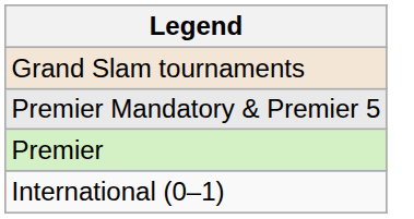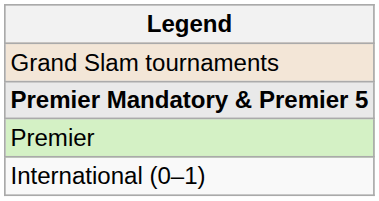 <table class=wikitable style="font-size:90%">
 <tr>
 <th>Legend</th>
 </tr>
 <tr>
 <td style="background:#f3e6d7;">Grand Slam tournaments</td>
 </tr>
 <tr>
-<td style="background:#e9e9e9;">Premier Mandatory & Premier 5</td>
+<td style="background:#e9e9e9;"><strong>Premier Mandatory & Premier 5</strong></td>
 </tr>
 <tr>
 <td style="background:#d4f1c5;">Premier</td>
 </tr>
 <tr>
 <td>International (0–1)</td>
 </tr>
 </table>
